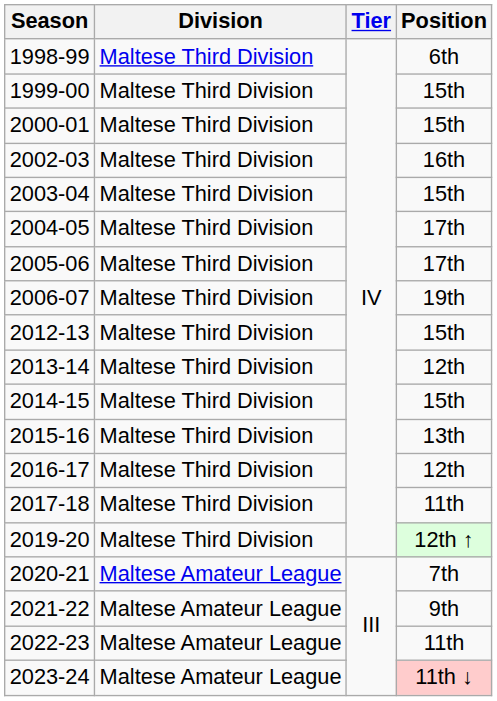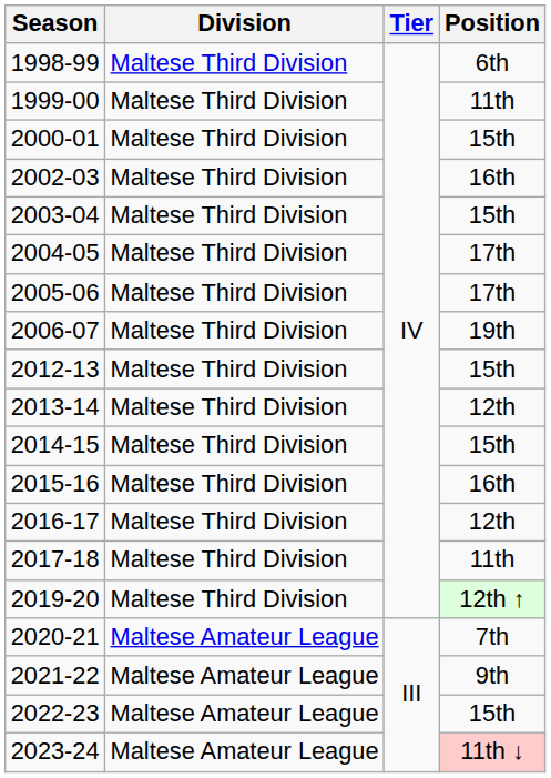 <table class="wikitable">
 <tr>
 <th>Season</th>
 <th>Division</th>
 <th><a href='#'>Tier</a></th>
 <th>Position</th>
 </tr>
 <tr align="center">
 <td>1998-99</td>
 <td align="left"><a href='#'>Maltese Third Division</a></td>
 <td rowspan="15">IV</td>
 <td>6th</td>
 </tr>
 <tr align="center">
 <td>1999-00</td>
 <td align="left">Maltese Third Division</td>
-<td>15th</td>
+<td>11th</td>
 </tr>
 <tr align="center">
 <td>2000-01</td>
 <td align="left">Maltese Third Division</td>
 <td>15th</td>
 </tr>
 <tr align="center">
 <td>2002-03</td>
 <td align="left">Maltese Third Division</td>
 <td>16th</td>
 </tr>
 <tr align="center">
 <td>2003-04</td>
 <td align="left">Maltese Third Division</td>
 <td>15th</td>
 </tr>
 <tr align="center">
 <td>2004-05</td>
 <td align="left">Maltese Third Division</td>
 <td>17th</td>
 </tr>
 <tr align="center">
 <td>2005-06</td>
 <td align="left">Maltese Third Division</td>
 <td>17th</td>
 </tr>
 <tr align="center">
 <td>2006-07</td>
 <td align="left">Maltese Third Division</td>
 <td>19th</td>
 </tr>
 <tr align="center">
 <td>2012-13</td>
 <td align="left">Maltese Third Division</td>
 <td>15th</td>
 </tr>
 <tr align="center">
 <td>2013-14</td>
 <td align="left">Maltese Third Division</td>
 <td>12th</td>
 </tr>
 <tr align="center">
 <td>2014-15</td>
 <td align="left">Maltese Third Division</td>
 <td>15th</td>
 </tr>
 <tr align="center">
 <td>2015-16</td>
 <td align="left">Maltese Third Division</td>
-<td>13th</td>
+<td>16th</td>
 </tr>
 <tr align="center">
 <td>2016-17</td>
 <td align="left">Maltese Third Division</td>
 <td>12th</td>
 </tr>
 <tr align="center">
 <td>2017-18</td>
 <td align="left">Maltese Third Division</td>
 <td>11th</td>
 </tr>
 <tr align="center">
 <td>2019-20</td>
 <td align="left">Maltese Third Division</td>
 <td bgcolor="ddffdd">12th ↑</td>
 </tr>
 <tr align="center">
 <td>2020-21</td>
 <td align="left"><a href='#'>Maltese Amateur League</a></td>
 <td rowspan="4">III</td>
 <td>7th</td>
 </tr>
 <tr align="center">
 <td>2021-22</td>
 <td align="left">Maltese Amateur League</td>
 <td>9th</td>
 </tr>
 <tr align="center">
 <td>2022-23</td>
 <td align="left">Maltese Amateur League</td>
-<td>11th</td>
+<td>15th</td>
 </tr>
 <tr align="center">
 <td>2023-24</td>
 <td align="left">Maltese Amateur League</td>
 <td bgcolor="ffcccc">11th ↓</td>
 </tr>
 </table>
